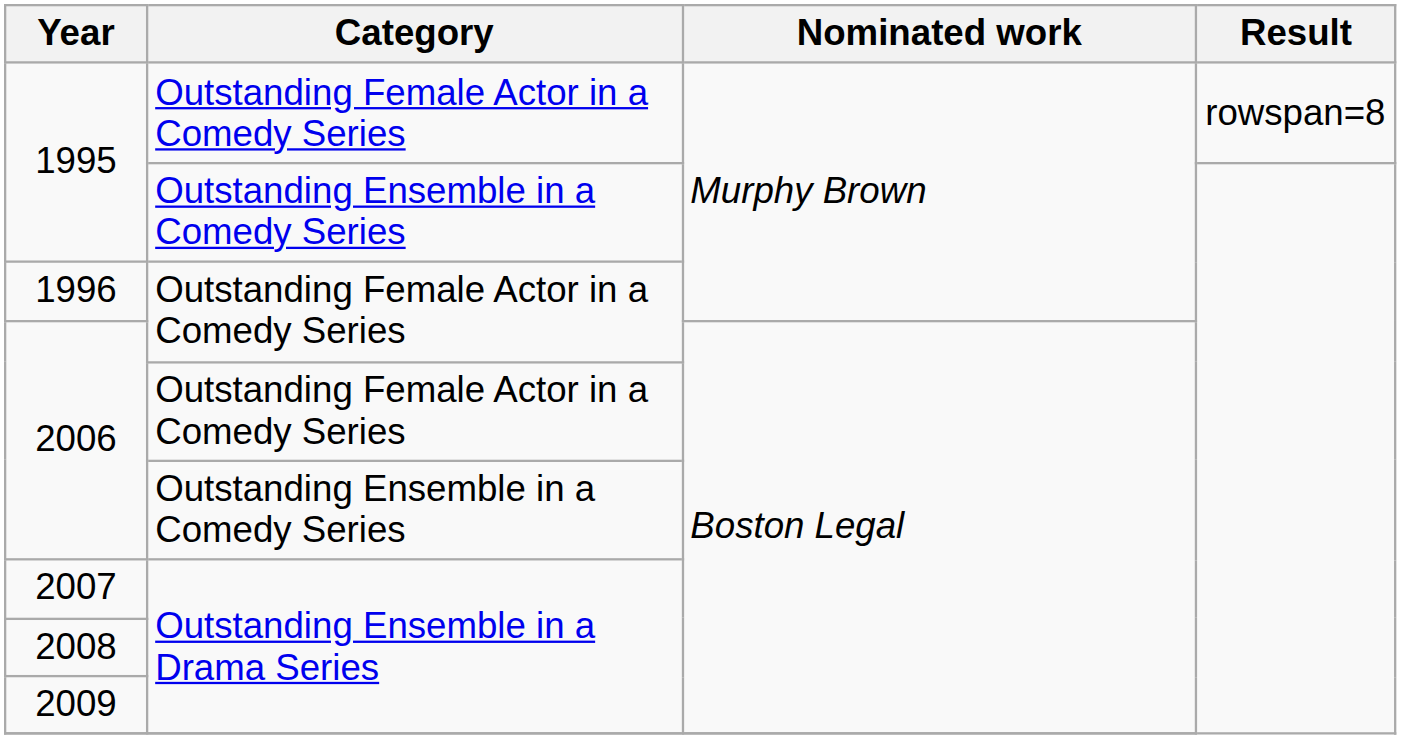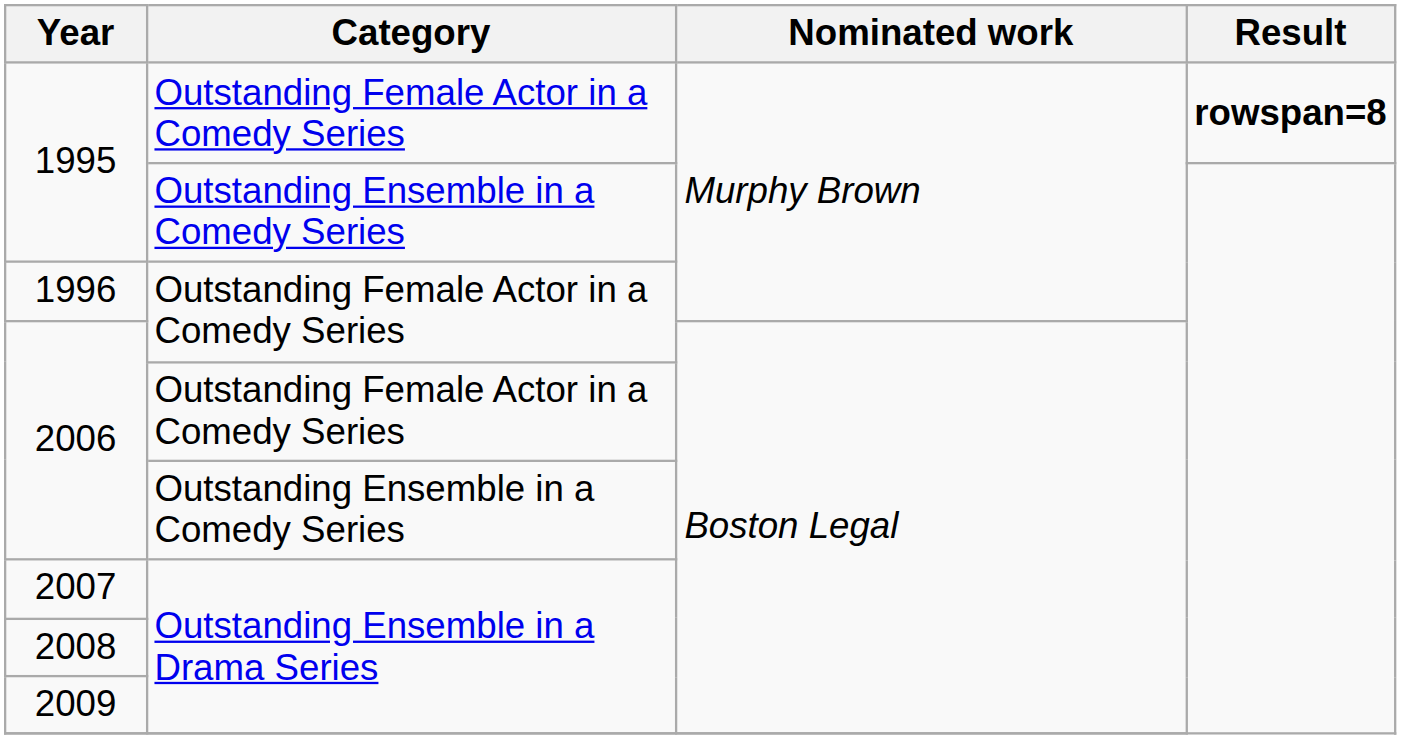 <table class=wikitable>
 <tr>
 <th scope="col" style="width:5em;">Year</th>
 <th scope="col" style="width:26em;">Category</th>
 <th scope="col" style="width:25em;">Nominated work</th>
 <th scope="col" style="width:5em;">Result</th>
 </tr>
 <tr>
 <td style="text-align:center;", rowspan=2>1995</td>
 <td><a href='#'>Outstanding Female Actor in a Comedy Series</a></td>
 <td rowspan=3><em>Murphy Brown</em></td>
-<td>rowspan=8 </td>
+<td><strong>rowspan=8 </strong></td>
 </tr>
 <tr>
 <td><a href='#'>Outstanding Ensemble in a Comedy Series</a></td>
 </tr>
 <tr>
 <td style="text-align:center;">1996</td>
 <td rowspan=2>Outstanding Female Actor in a Comedy Series</td>
 </tr>
 <tr>
 <td rowspan="3" style="text-align:center;" ,>2006</td>
 <td rowspan="6"><em>Boston Legal</em></td>
 </tr>
 <tr>
 <td>Outstanding Female Actor in a Comedy Series</td>
 </tr>
 <tr>
 <td>Outstanding Ensemble in a Comedy Series</td>
 </tr>
 <tr>
 <td style="text-align:center;">2007</td>
 <td rowspan=3><a href='#'>Outstanding Ensemble in a Drama Series</a></td>
 </tr>
 <tr>
 <td style="text-align:center;">2008</td>
 </tr>
 <tr>
 <td style="text-align:center;">2009</td>
 </tr>
 <tr>
 </tr>
 </table>
